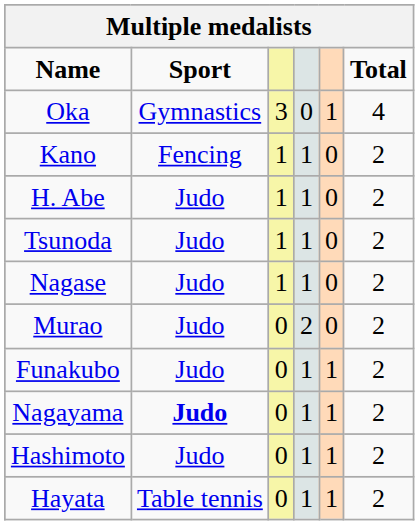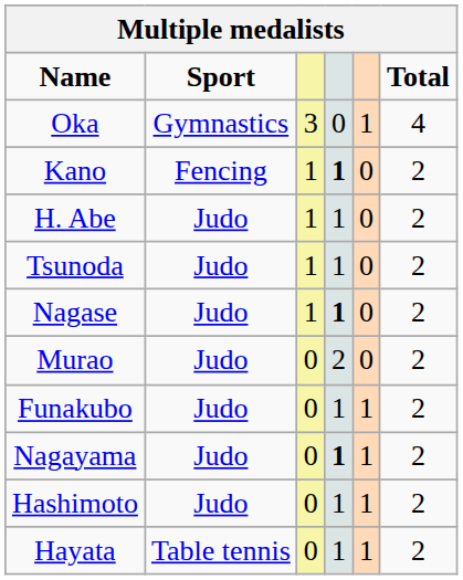 <table class="wikitable" style=font-size:95%;float:center;text-align:center>
 <tr style="background:#efefef;">
 <th colspan=7>Multiple medalists</th>
 </tr>
 <tr align=center>
 <td><strong>Name</strong></td>
 <td><strong>Sport</strong></td>
 <td style="background:#f7f6a8;"></td>
 <td style="background:#dce5e5;"></td>
 <td style="background:#ffdab9;"></td>
 <td><strong>Total</strong></td>
 </tr>
 <tr align=center>
 <td><a href='#'>Oka</a></td>
 <td><a href='#'>Gymnastics</a></td>
 <td style="background:#f7f6a8;">3</td>
 <td style="background:#dce5e5;">0</td>
 <td style="background:#ffdab9;">1</td>
 <td>4</td>
 </tr>
 <tr align=center>
 <td><a href='#'>Kano</a></td>
 <td><a href='#'>Fencing</a></td>
 <td style="background:#f7f6a8;">1</td>
-<td style="background:#dce5e5;">1</td>
+<td style="background:#dce5e5;"><strong>1</strong></td>
 <td style="background:#ffdab9;">0</td>
 <td>2</td>
 </tr>
 <tr align=center>
 <td><a href='#'>H. Abe</a></td>
 <td><a href='#'>Judo</a></td>
 <td style="background:#f7f6a8;">1</td>
 <td style="background:#dce5e5;">1</td>
 <td style="background:#ffdab9;">0</td>
 <td>2</td>
 </tr>
 <tr align=center>
 <td><a href='#'>Tsunoda</a></td>
 <td><a href='#'>Judo</a></td>
 <td style="background:#f7f6a8;">1</td>
 <td style="background:#dce5e5;">1</td>
 <td style="background:#ffdab9;">0</td>
 <td>2</td>
 </tr>
 <tr align=center>
 <td><a href='#'>Nagase</a></td>
 <td><a href='#'>Judo</a></td>
 <td style="background:#f7f6a8;">1</td>
-<td style="background:#dce5e5;">1</td>
+<td style="background:#dce5e5;"><strong>1</strong></td>
 <td style="background:#ffdab9;">0</td>
 <td>2</td>
 </tr>
 <tr align=center>
 <td><a href='#'>Murao</a></td>
 <td><a href='#'>Judo</a></td>
 <td style="background:#f7f6a8;">0</td>
 <td style="background:#dce5e5;">2</td>
 <td style="background:#ffdab9;">0</td>
 <td>2</td>
 </tr>
 <tr align=center>
 <td><a href='#'>Funakubo</a></td>
 <td><a href='#'>Judo</a></td>
 <td style="background:#f7f6a8;">0</td>
 <td style="background:#dce5e5;">1</td>
 <td style="background:#ffdab9;">1</td>
 <td>2</td>
 </tr>
 <tr align=center>
 <td><a href='#'>Nagayama</a></td>
-<td><strong><a href='#'>Judo</a></strong></td>
+<td><a href='#'>Judo</a></td>
 <td style="background:#f7f6a8;">0</td>
-<td style="background:#dce5e5;">1</td>
+<td style="background:#dce5e5;"><strong>1</strong></td>
 <td style="background:#ffdab9;">1</td>
 <td>2</td>
 </tr>
 <tr align=center>
 <td><a href='#'>Hashimoto</a></td>
 <td><a href='#'>Judo</a></td>
 <td style="background:#f7f6a8;">0</td>
 <td style="background:#dce5e5;">1</td>
 <td style="background:#ffdab9;">1</td>
 <td>2</td>
 </tr>
 <tr align=center>
 <td><a href='#'>Hayata</a></td>
 <td><a href='#'>Table tennis</a></td>
 <td style="background:#f7f6a8;">0</td>
 <td style="background:#dce5e5;">1</td>
 <td style="background:#ffdab9;">1</td>
 <td>2</td>
 </tr>
 </table>
